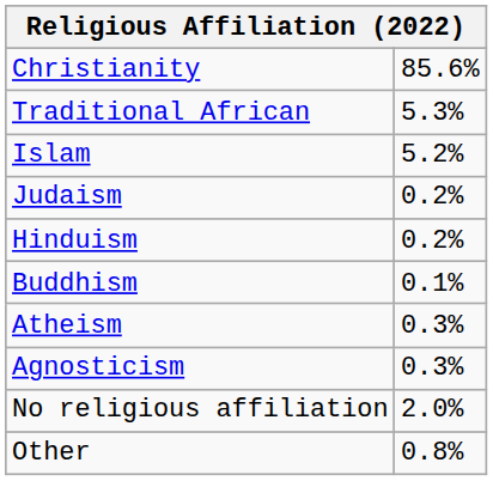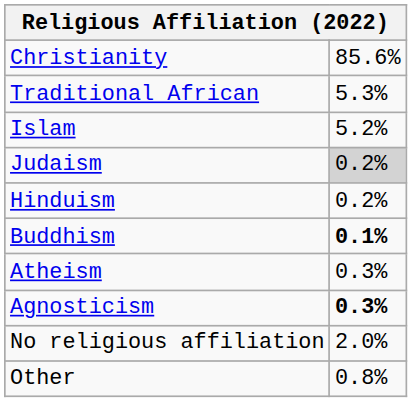 <table class="wikitable">
 <tr>
 <th colspan="2">Religious Affiliation (2022)</th>
 </tr>
 <tr>
 <td><a href='#'>Christianity</a></td>
 <td>85.6%</td>
 </tr>
 <tr>
 <td><a href='#'>Traditional African</a></td>
 <td>5.3%</td>
 </tr>
 <tr>
 <td><a href='#'>Islam</a></td>
 <td>5.2%</td>
 </tr>
 <tr>
 <td><a href='#'>Judaism</a></td>
-<td>0.2%</td>
+<td style="background: lightgrey;">0.2%</td>
 </tr>
 <tr>
 <td><a href='#'>Hinduism</a></td>
 <td>0.2%</td>
 </tr>
 <tr>
 <td><a href='#'>Buddhism</a></td>
-<td>0.1%</td>
+<td><strong>0.1%</strong></td>
 </tr>
 <tr>
 <td><a href='#'>Atheism</a></td>
 <td>0.3%</td>
 </tr>
 <tr>
 <td><a href='#'>Agnosticism</a></td>
-<td>0.3%</td>
+<td><strong>0.3%</strong></td>
 </tr>
 <tr>
 <td>No religious affiliation</td>
 <td>2.0%</td>
 </tr>
 <tr>
 <td>Other</td>
 <td>0.8%</td>
 </tr>
 </table>
